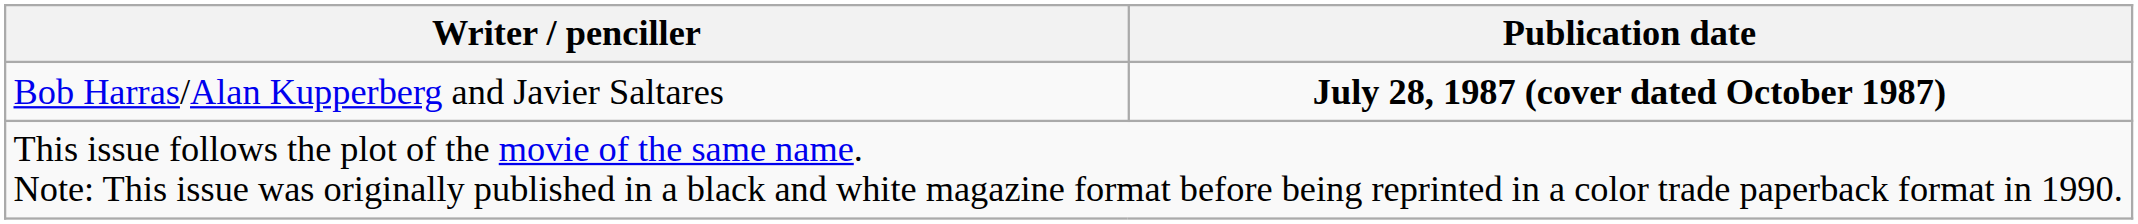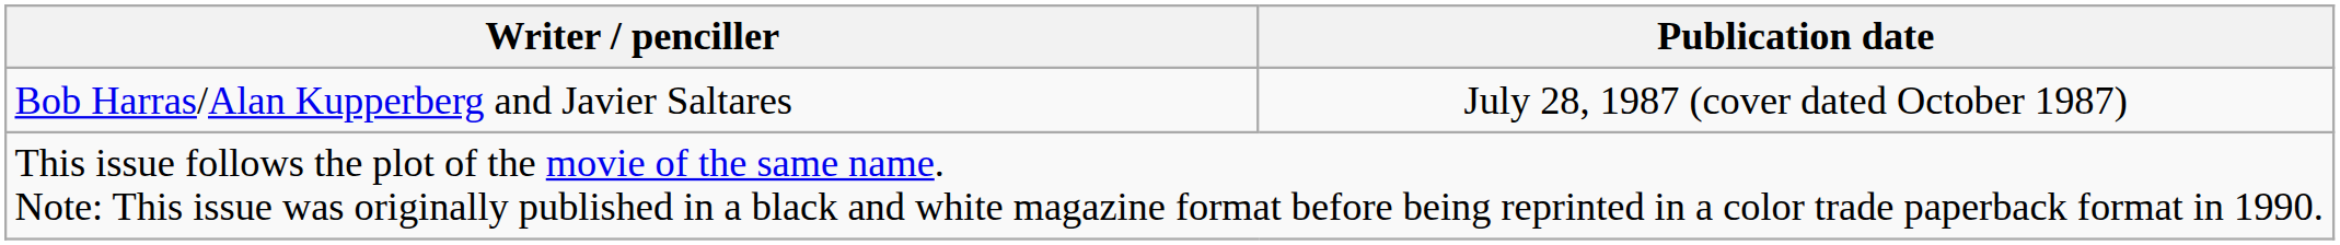 <table class="wikitable">
 <tr>
 <th>Writer / penciller</th>
 <th>Publication date</th>
 </tr>
 <tr>
 <td><a href='#'>Bob Harras</a>/<a href='#'>Alan Kupperberg</a> and Javier Saltares</td>
-<td align="center"><strong>July 28, 1987 (cover dated October 1987)</strong></td>
+<td align="center">July 28, 1987 (cover dated October 1987)</td>
 </tr>
 <tr>
 <td colspan="6">This issue follows the plot of the <a href='#'>movie of the same name</a>.<br>Note: This issue was originally published in a black and white magazine format before being reprinted in a color trade paperback format in 1990.</td>
 </tr>
 </table>
